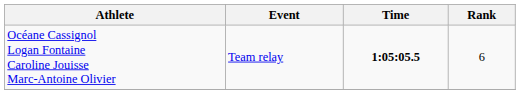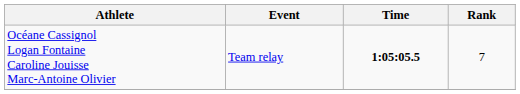 <table class="wikitable" style="text-align:center; font-size:90%; width:30%;">
 <tr>
 <th>Athlete</th>
 <th>Event</th>
 <th>Time</th>
 <th>Rank</th>
 </tr>
 <tr>
 <td align="left"><a href='#'>Océane Cassignol</a><br><a href='#'>Logan Fontaine</a><br><a href='#'>Caroline Jouisse</a><br><a href='#'>Marc-Antoine Olivier</a></td>
 <td align="left"><a href='#'>Team relay</a></td>
 <td><strong>1:05:05.5</strong></td>
-<td>6</td>
+<td>7</td>
 </tr>
 <tr>
 </tr>
 </table>
